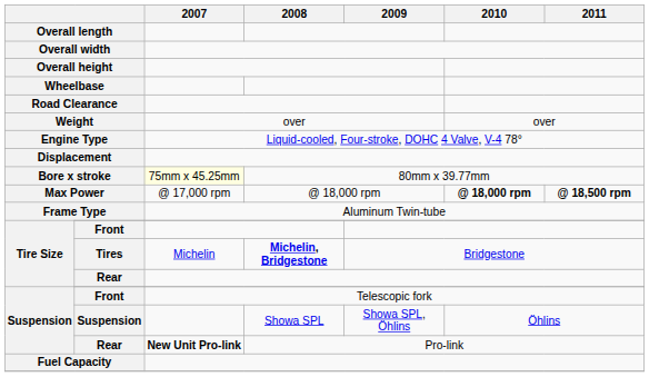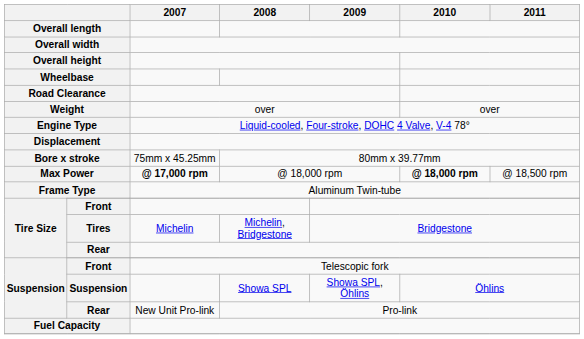 <table class="wikitable" style="text-align:center; font-size: 90%;">
 <tr>
 <th colspan=2></th>
 <th width="120">2007</th>
 <th width="120">2008</th>
 <th width="120">2009</th>
 <th width="120">2010</th>
 <th width="120">2011</th>
 </tr>
 <tr>
 <th colspan=2>Overall length</th>
 <td></td>
 <td colspan=2></td>
 <td colspan=2></td>
 </tr>
 <tr>
 <th colspan=2>Overall width</th>
 <td colspan=5></td>
 </tr>
 <tr>
 <th colspan=2>Overall height</th>
 <td colspan=3></td>
 <td colspan=2></td>
 </tr>
 <tr>
 <th colspan=2>Wheelbase</th>
 <td></td>
 <td colspan=2></td>
 <td colspan=2></td>
 </tr>
 <tr>
 <th colspan=2>Road Clearance</th>
 <td colspan=3></td>
 <td colspan=2></td>
 </tr>
 <tr>
 <th colspan=2>Weight</th>
 <td colspan=3>over </td>
 <td colspan=2>over </td>
 </tr>
 <tr>
 <th colspan=2>Engine Type</th>
 <td colspan=5><a href='#'>Liquid-cooled</a>, <a href='#'>Four-stroke</a>, <a href='#'>DOHC</a> <a href='#'>4 Valve</a>, <a href='#'>V-4</a> 78°</td>
 </tr>
 <tr>
 <th colspan=2>Displacement</th>
 <td colspan=5></td>
 </tr>
 <tr>
 <th colspan=2>Bore x stroke</th>
-<td style="background: lightyellow;">75mm x 45.25mm</td>
+<td>75mm x 45.25mm</td>
 <td colspan=4>80mm x 39.77mm</td>
 </tr>
 <tr>
 <th colspan=2>Max Power</th>
-<td> @ 17,000 rpm</td>
+<td><strong> @ 17,000 rpm</strong></td>
 <td colspan=2> @ 18,000 rpm</td>
 <td><strong> @ 18,000 rpm</strong></td>
-<td><strong> @ 18,500 rpm</strong></td>
+<td> @ 18,500 rpm</td>
 </tr>
 <tr>
 <th colspan=2>Frame Type</th>
 <td colspan=5>Aluminum Twin-tube</td>
 </tr>
 <tr>
 <th rowspan=4>Tire Size</th>
 </tr>
 <tr>
 <th>Front</th>
 <td colspan=2></td>
 <td colspan=3></td>
 </tr>
 <tr>
 <th>Tires</th>
 <td><a href='#'>Michelin</a></td>
-<td><strong><a href='#'>Michelin</a>, <a href='#'>Bridgestone</a></strong></td>
+<td><a href='#'>Michelin</a>, <a href='#'>Bridgestone</a></td>
 <td colspan=3><a href='#'>Bridgestone</a></td>
 </tr>
 <tr>
 <th>Rear</th>
 <td colspan=5></td>
 </tr>
 <tr>
 <th rowspan=4>Suspension</th>
 </tr>
 <tr>
 <th>Front</th>
 <td colspan=5>Telescopic fork</td>
 </tr>
 <tr>
 <th>Suspension</th>
 <td></td>
 <td><a href='#'>Showa SPL</a></td>
 <td><a href='#'>Showa SPL</a>, <a href='#'>Öhlins</a></td>
 <td colspan=2><a href='#'>Öhlins</a></td>
 </tr>
 <tr>
 <th>Rear</th>
-<td><strong>New Unit Pro-link</strong></td>
+<td>New Unit Pro-link</td>
 <td colspan=4>Pro-link</td>
 </tr>
 <tr>
 <th colspan=2>Fuel Capacity</th>
 <td colspan=5></td>
 </tr>
 <tr>
 </tr>
 </table>
